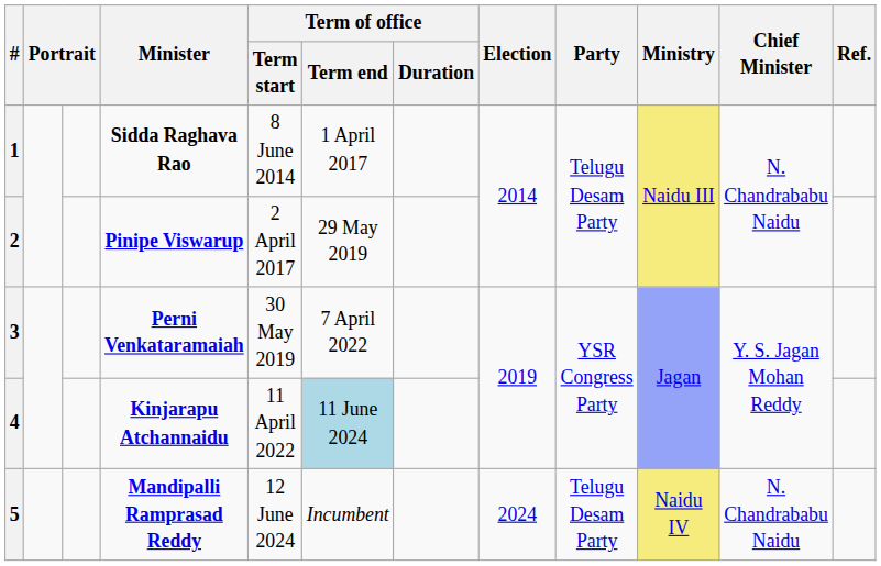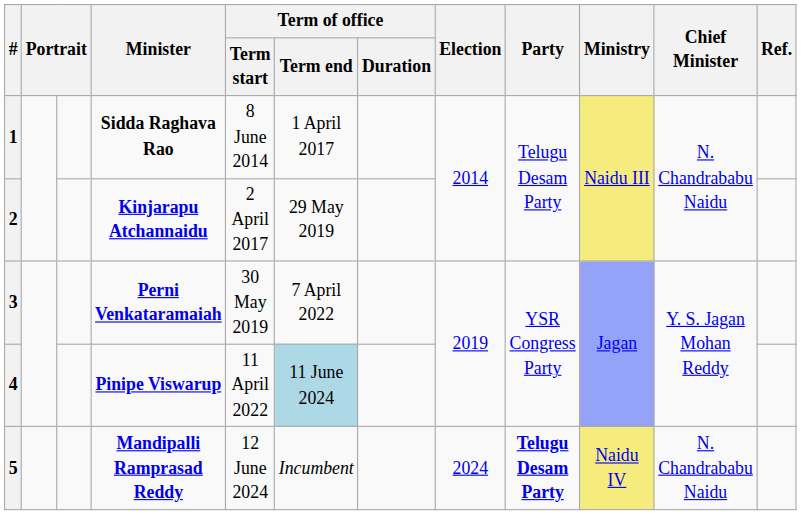 <table class="wikitable" style="line-height:1.4em; text-align:center">
 <tr>
 <th rowspan=2>#</th>
 <th rowspan=2 colspan="2">Portrait</th>
 <th rowspan=2 style="width:16em">Minister<br></th>
 <th colspan="3">Term of office</th>
 <th rowspan=2 style="width:5em">Election<br></th>
 <th rowspan=2 style="width:8em">Party</th>
 <th rowspan=2 style="width:8em">Ministry</th>
 <th rowspan=2 style="width:10em">Chief Minister</th>
 <th rowspan=2>Ref.</th>
 </tr>
 <tr>
 <th>Term start</th>
 <th>Term end</th>
 <th>Duration</th>
 </tr>
 <tr>
 <th>1</th>
 <td rowspan=2></td>
 <td></td>
 <td><strong>Sidda Raghava Rao</strong><br></td>
 <td>8 June 2014</td>
 <td>1 April 2017</td>
 <td><strong></strong></td>
 <td rowspan=2><a href='#'>2014</a><br></td>
 <td rowspan=2><a href='#'>Telugu Desam Party</a></td>
 <td rowspan=2 bgcolor="#F5EC7D"><a href='#'>Naidu III</a></td>
 <td rowspan=2><a href='#'>N. Chandrababu Naidu</a></td>
 <td></td>
 </tr>
 <tr>
 <th>2</th>
 <td></td>
-<td><strong><a href='#'>Pinipe Viswarup</a></strong><br></td>
+<td><strong><a href='#'>Kinjarapu Atchannaidu</a></strong><br></td>
 <td>2 April 2017</td>
 <td>29 May 2019</td>
 <td><strong></strong></td>
 <td></td>
 </tr>
 <tr>
 <th>3</th>
 <td rowspan=2></td>
 <td></td>
 <td><strong><a href='#'>Perni Venkataramaiah</a></strong><br></td>
 <td>30 May 2019</td>
 <td>7 April 2022</td>
 <td><strong></strong></td>
 <td rowspan=2><a href='#'>2019</a><br></td>
 <td rowspan="2"><a href='#'>YSR Congress Party</a></td>
 <td rowspan=2 bgcolor="#94A2F7"><a href='#'>Jagan</a></td>
 <td rowspan="2"><a href='#'>Y. S. Jagan Mohan Reddy</a></td>
 <td></td>
 </tr>
 <tr>
 <th>4</th>
 <td></td>
-<td><strong><a href='#'>Kinjarapu Atchannaidu</a></strong><br></td>
+<td><strong><a href='#'>Pinipe Viswarup</a></strong><br></td>
 <td>11 April 2022</td>
 <td style="background: lightblue;">11 June 2024</td>
 <td><strong></strong></td>
 <td></td>
 </tr>
 <tr>
 <th>5</th>
 <td></td>
 <td></td>
 <td><strong><a href='#'>Mandipalli Ramprasad Reddy</a></strong><br></td>
 <td>12 June 2024</td>
 <td><em>Incumbent</em></td>
 <td><strong></strong></td>
 <td><a href='#'>2024</a><br></td>
-<td><a href='#'>Telugu Desam Party</a></td>
+<td><strong><a href='#'>Telugu Desam Party</a></strong></td>
 <td bgcolor="#F5EC7D"><a href='#'>Naidu IV</a></td>
 <td><a href='#'>N. Chandrababu Naidu</a></td>
 <td></td>
 </tr>
 </table>
